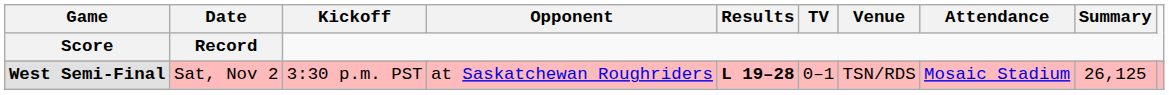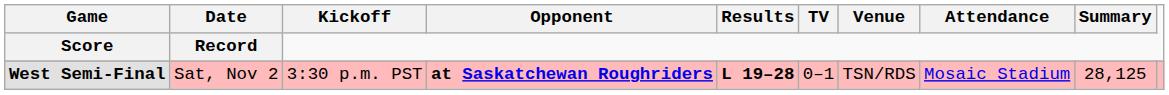 <table class="wikitable" style="font-size: 95%;">
 <tr>
 <th scope="col">Game</th>
 <th scope="col">Date</th>
 <th scope="col">Kickoff</th>
 <th scope="col">Opponent</th>
 <th scope="col">Results</th>
 <th scope="col">TV</th>
 <th scope="col">Venue</th>
 <th scope="col">Attendance</th>
 <th scope="col">Summary</th>
 </tr>
 <tr>
 <th scope="col">Score</th>
 <th scope="col">Record</th>
 </tr>
 <tr align="center" bgcolor="#ffbbbb">
 <th style="text-align:center; background:#E1E1E1;"><span><strong>West Semi-Final</strong></span></th>
 <td align="center">Sat, Nov 2</td>
 <td align="center">3:30 p.m. PST</td>
-<td align="center">at <a href='#'>Saskatchewan Roughriders</a></td>
+<td align="center"><strong>at <a href='#'>Saskatchewan Roughriders</a></strong></td>
 <td align="center"><strong>L 19–28</strong></td>
 <td align="center">0–1</td>
 <td align="center">TSN/RDS</td>
 <td align="center"><a href='#'>Mosaic Stadium</a></td>
-<td align="center">26,125</td>
+<td align="center">28,125</td>
 <td align="center"></td>
 </tr>
 </table>
